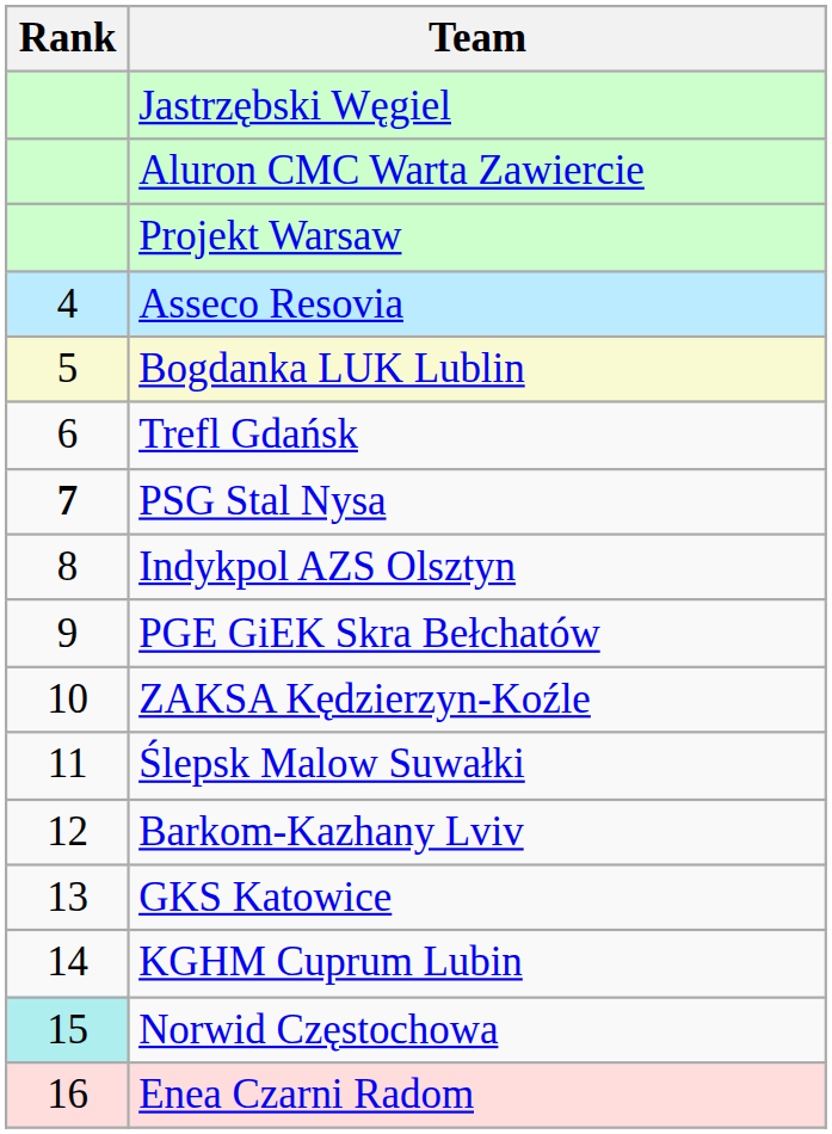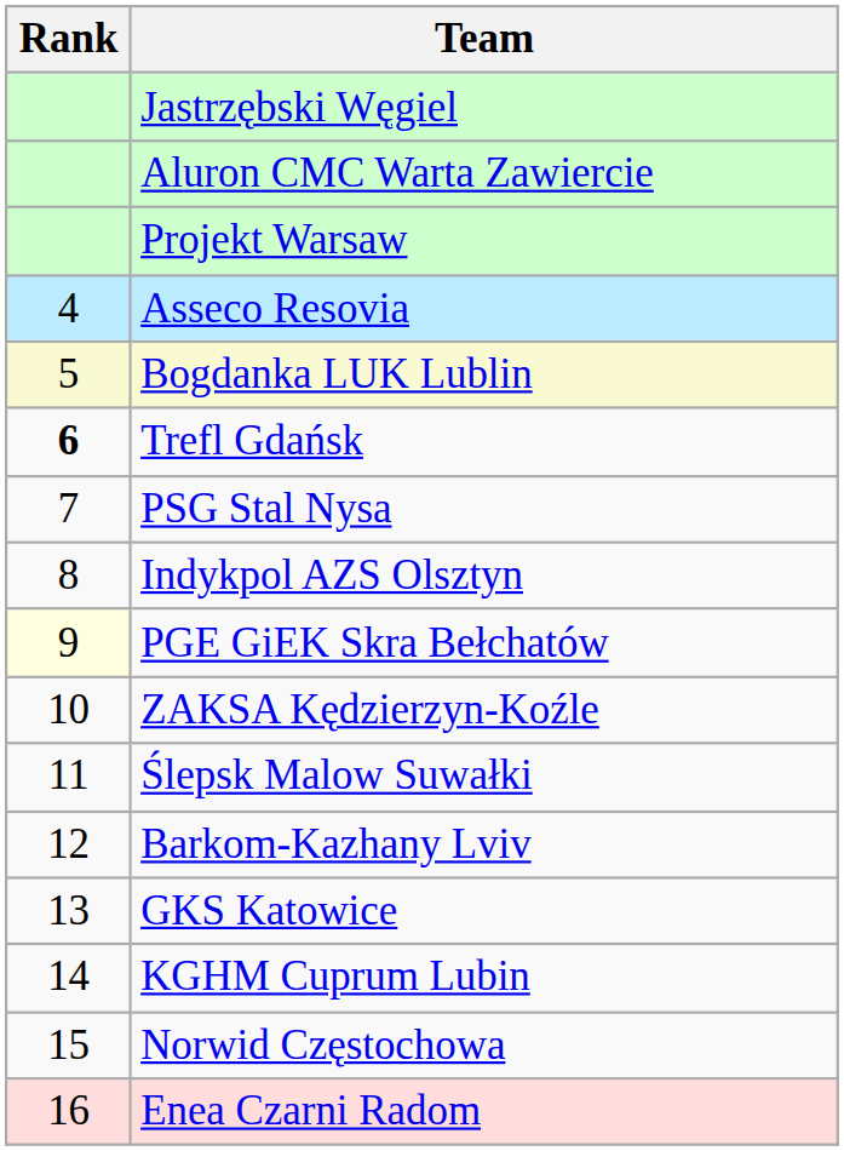 <table class="wikitable" style="white-space: nowrap; width:25%">
 <tr>
 <th width=15%>Rank</th>
 <th>Team</th>
 </tr>
 <tr bgcolor=#CCFFCC>
 <td style="text-align:center;"></td>
 <td><a href='#'>Jastrzębski Węgiel</a></td>
 </tr>
 <tr bgcolor=#CCFFCC>
 <td style="text-align:center;"></td>
 <td><a href='#'>Aluron CMC Warta Zawiercie</a></td>
 </tr>
 <tr bgcolor=#CCFFCC>
 <td style="text-align:center;"></td>
 <td><a href='#'>Projekt Warsaw</a></td>
 </tr>
 <tr bgcolor=#BBEBFF>
 <td style="text-align:center;">4</td>
 <td><a href='#'>Asseco Resovia</a></td>
 </tr>
 <tr bgcolor=#FAFAD2>
 <td style="text-align:center;">5</td>
 <td><a href='#'>Bogdanka LUK Lublin</a></td>
 </tr>
 <tr>
-<td style="text-align:center;">6</td>
+<td style="text-align:center;"><strong>6</strong></td>
 <td><a href='#'>Trefl Gdańsk</a></td>
 </tr>
 <tr>
-<td style="text-align:center;"><strong>7</strong></td>
+<td style="text-align:center;">7</td>
 <td><a href='#'>PSG Stal Nysa</a></td>
 </tr>
 <tr>
 <td style="text-align:center;">8</td>
 <td><a href='#'>Indykpol AZS Olsztyn</a></td>
 </tr>
 <tr>
-<td style="text-align:center;">9</td>
+<td style="background: lightyellow; text-align:center;">9</td>
 <td><a href='#'>PGE GiEK Skra Bełchatów</a></td>
 </tr>
 <tr>
 <td style="text-align:center;">10</td>
 <td><a href='#'>ZAKSA Kędzierzyn-Koźle</a></td>
 </tr>
 <tr>
 <td style="text-align:center;">11</td>
 <td><a href='#'>Ślepsk Malow Suwałki</a></td>
 </tr>
 <tr>
 <td style="text-align:center;">12</td>
 <td><a href='#'>Barkom-Kazhany Lviv</a></td>
 </tr>
 <tr>
 <td style="text-align:center;">13</td>
 <td><a href='#'>GKS Katowice</a></td>
 </tr>
 <tr>
 <td style="text-align:center;">14</td>
 <td><a href='#'>KGHM Cuprum Lubin</a></td>
 </tr>
 <tr>
-<td style="background: paleturquoise; text-align:center;">15</td>
+<td style="text-align:center;">15</td>
 <td><a href='#'>Norwid Częstochowa</a></td>
 </tr>
 <tr bgcolor=#FFDDDD>
 <td style="text-align:center;">16</td>
 <td><a href='#'>Enea Czarni Radom</a></td>
 </tr>
 </table>
